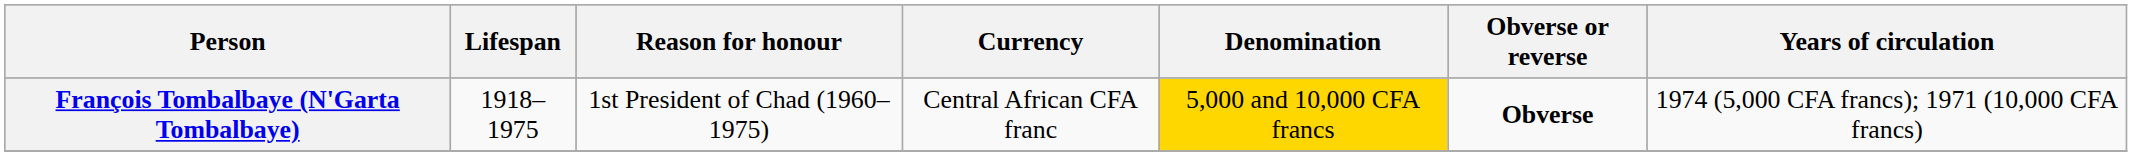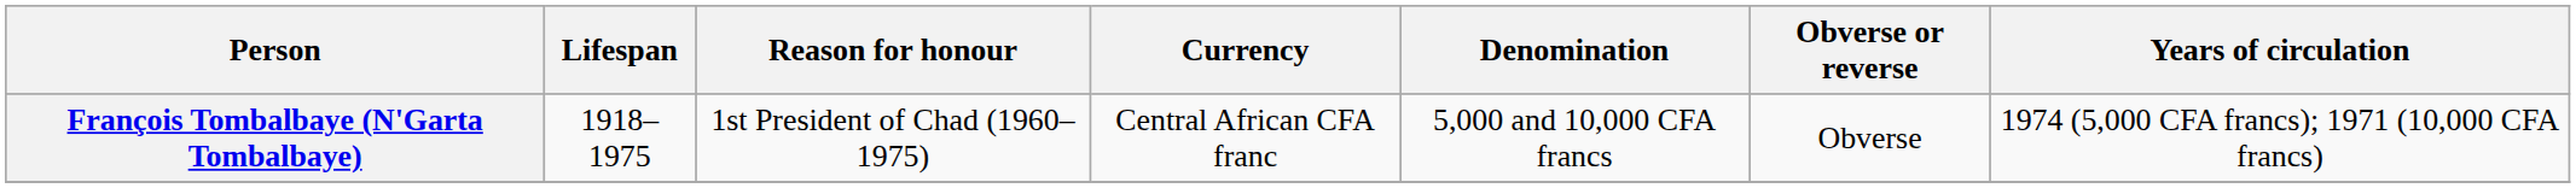 <table class="wikitable" style="font-size:95%; text-align:center;">
 <tr>
 <th>Person</th>
 <th>Lifespan</th>
 <th>Reason for honour</th>
 <th>Currency</th>
 <th>Denomination</th>
 <th>Obverse or reverse</th>
 <th>Years of circulation</th>
 </tr>
 <tr>
 <th><a href='#'>François Tombalbaye (N'Garta Tombalbaye)</a></th>
 <td>1918–1975</td>
 <td>1st President of Chad (1960–1975)</td>
 <td>Central African CFA franc</td>
-<td style="background: gold;">5,000 and 10,000 CFA francs</td>
-<td><strong>Obverse</strong></td>
+<td>5,000 and 10,000 CFA francs</td>
+<td>Obverse</td>
 <td>1974 (5,000 CFA francs); 1971 (10,000 CFA francs)</td>
 </tr>
 <tr>
 </tr>
 </table>
